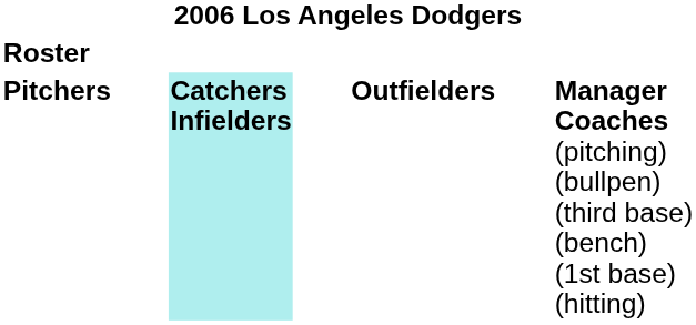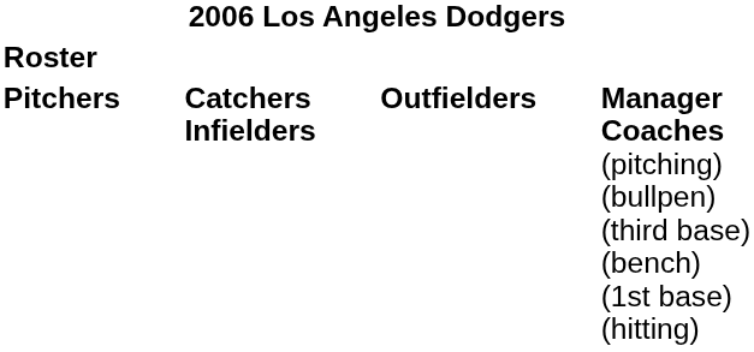 <table class="toccolours" style="font-size: 95%;">
 <tr>
 <th colspan="10">2006 Los Angeles Dodgers</th>
 </tr>
 <tr>
 <td colspan="10"><strong>Roster</strong></td>
 </tr>
 <tr>
 <td valign="top"><strong>Pitchers</strong><br>                                       </td>
 <td width="25px"></td>
-<td valign="top" style="background: paleturquoise;"><strong>Catchers</strong><br>     <strong>Infielders</strong>             </td>
+<td valign="top"><strong>Catchers</strong><br>     <strong>Infielders</strong>             </td>
 <td width="25px"></td>
 <td valign="top"><strong>Outfielders</strong><br>         </td>
 <td width="25px"></td>
 <td valign="top"><strong>Manager</strong><br> <strong>Coaches</strong> <br> (pitching)  <br>(bullpen)  <br> (third base)  <br>(bench)    <br>(1st base)  <br>(hitting)</td>
 </tr>
 </table>
